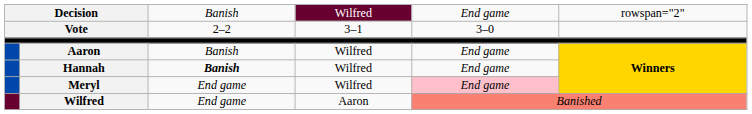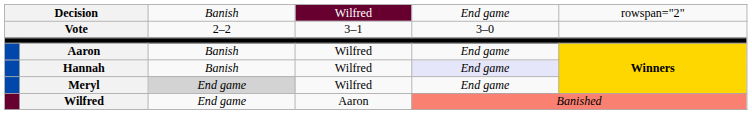 <table class="wikitable" style="text-align:center; width:70%; font-size:90%; line-height:13px">
 <tr>
 <th colspan="2">Decision</th>
 <td><em>Banish</em></td>
 <td bgcolor="#67002F" span style="color:#FFFFFF">Wilfred</td>
 <td><em>End game</em></td>
 <td>rowspan="2" </td>
 </tr>
 <tr>
 <th colspan="2">Vote</th>
 <td>2–2</td>
 <td>3–1</td>
 <td>3–0</td>
 </tr>
 <tr>
 <td colspan="20" bgcolor="#000000"></td>
 </tr>
 <tr>
 <td bgcolor="#0047AB"></td>
 <th>Aaron</th>
 <td><em>Banish</em></td>
 <td>Wilfred</td>
 <td><em>End game</em></td>
 <td rowspan="3" style="background:gold"><strong>Winners</strong></td>
 </tr>
 <tr>
 <td bgcolor="#0047AB"></td>
 <th>Hannah</th>
-<td><strong><em>Banish</em></strong></td>
+<td><em>Banish</em></td>
 <td>Wilfred</td>
-<td><em>End game</em></td>
+<td style="background: lavender;"><em>End game</em></td>
 </tr>
 <tr>
 <td bgcolor="#0047AB"></td>
 <th>Meryl</th>
+<td style="background: lightgrey;"><em>End game</em></td>
+<td>Wilfred</td>
 <td><em>End game</em></td>
-<td>Wilfred</td>
-<td style="background: pink;"><em>End game</em></td>
 </tr>
 <tr>
 <td bgcolor="#67002F"></td>
 <th>Wilfred</th>
 <td><em>End game</em></td>
 <td>Aaron</td>
 <td colspan="2" style="background:salmon"><em>Banished</em></td>
 </tr>
 </table>
